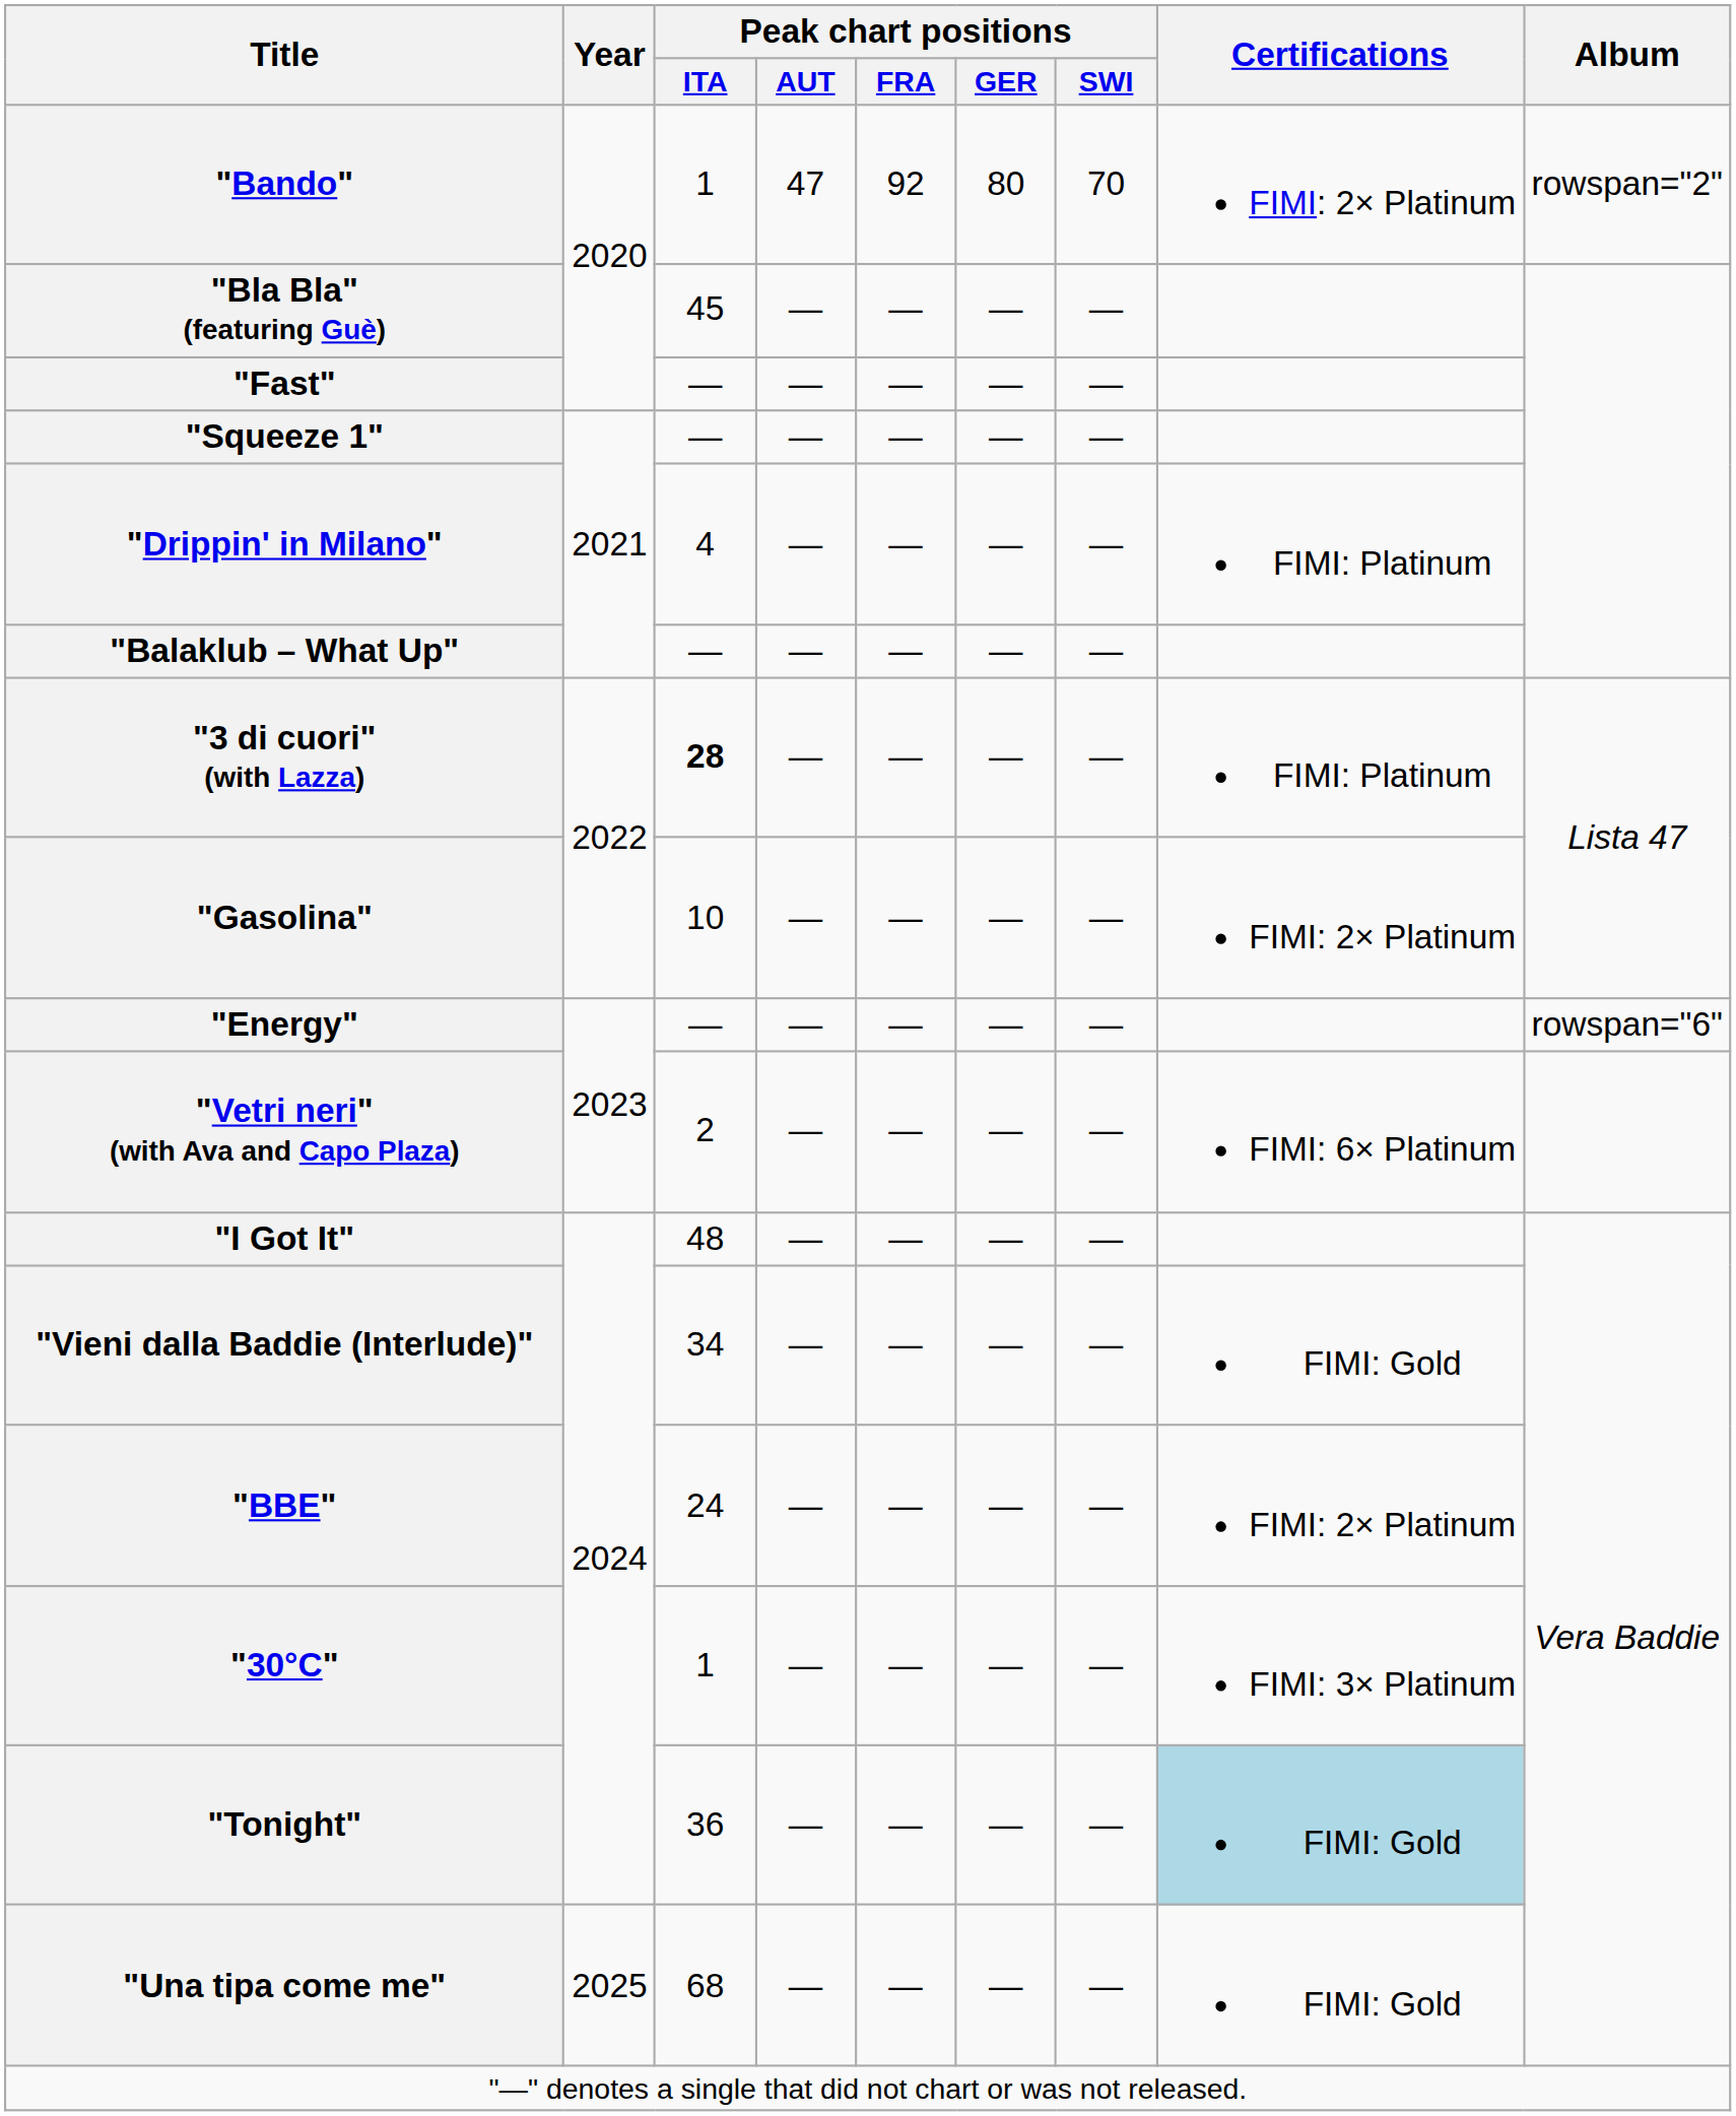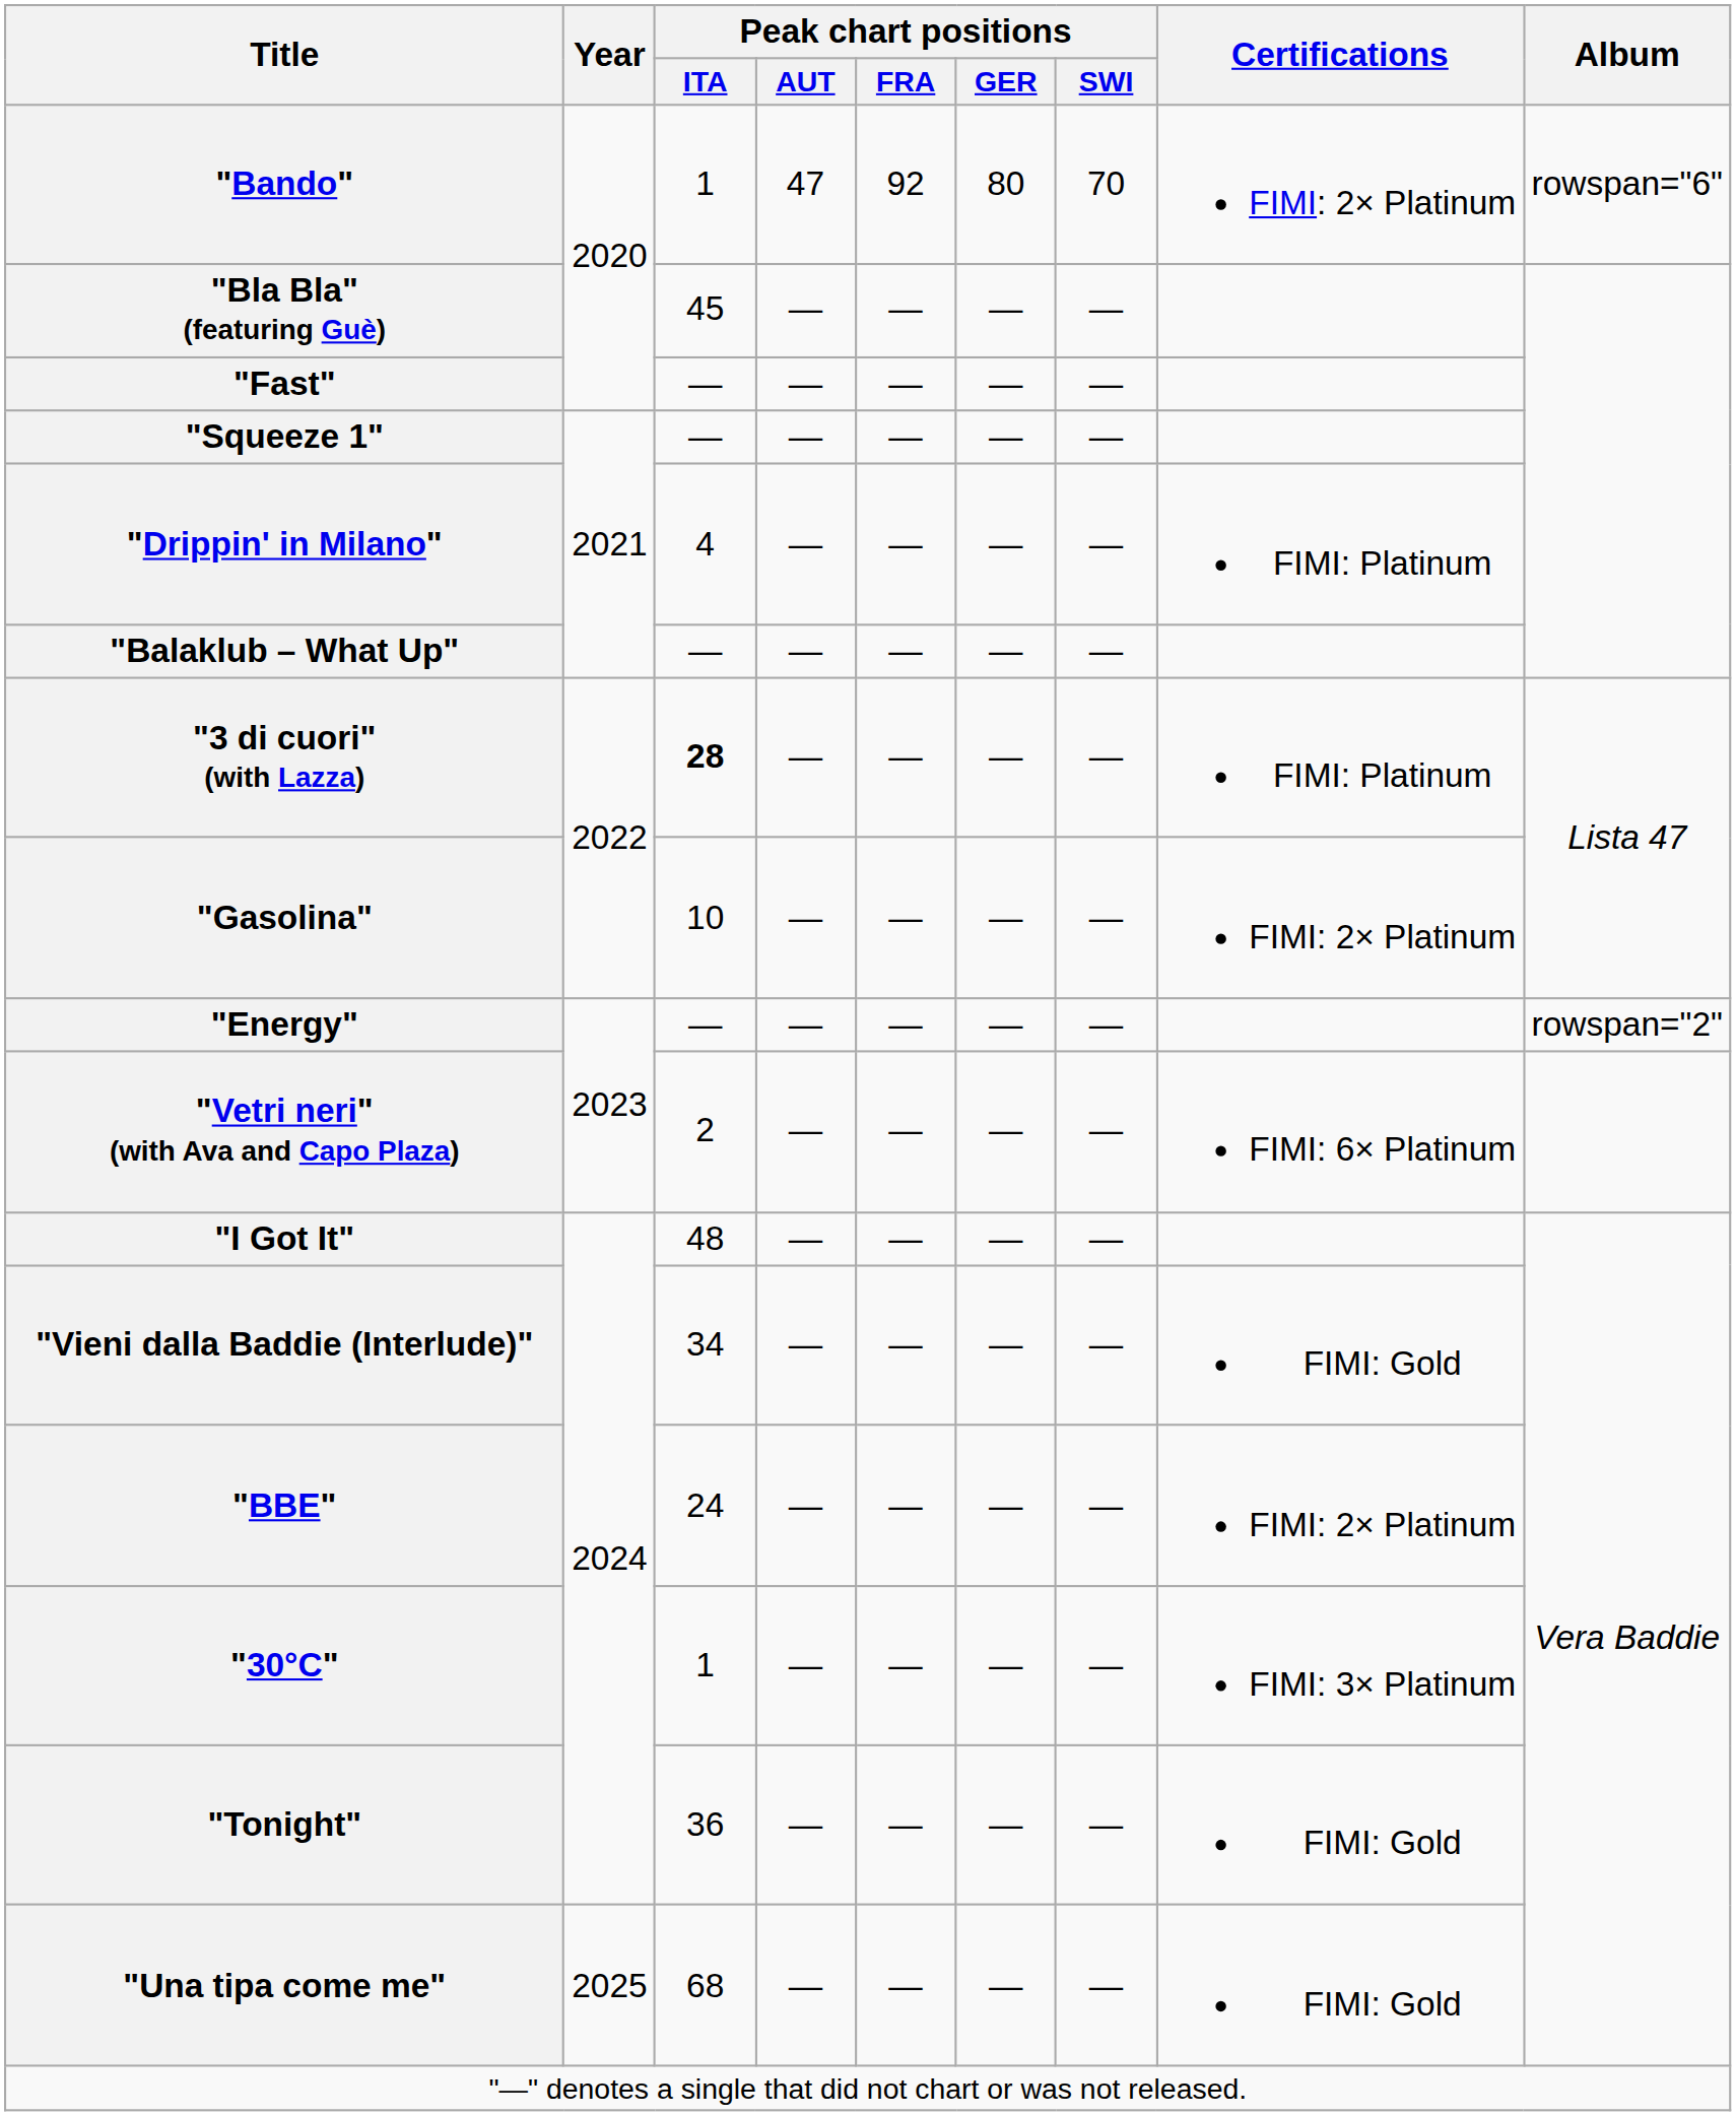 <table class="wikitable plainrowheaders" style="text-align:center;">
 <tr>
 <th scope="col" rowspan="2" style="width:16em;">Title</th>
 <th scope="col" rowspan="2" style="width:1em;">Year</th>
 <th scope="col" colspan="5">Peak chart positions</th>
 <th scope="col" rowspan="2"><a href='#'>Certifications</a></th>
 <th scope="col" rowspan="2">Album</th>
 </tr>
 <tr>
 <th scope="col" style="width:3em;font-size:85%;"><a href='#'>ITA</a><br></th>
 <th scope="col" style="width:3em;font-size:85%;"><a href='#'>AUT</a><br></th>
 <th scope="col" style="width:3em;font-size:85%;"><a href='#'>FRA</a><br></th>
 <th scope="col" style="width:3em;font-size:85%;"><a href='#'>GER</a><br></th>
 <th scope="col" style="width:3em;font-size:85%;"><a href='#'>SWI</a><br></th>
 </tr>
 <tr>
 <th scope="row">"<a href='#'>Bando</a>"</th>
 <td rowspan="3">2020</td>
 <td>1</td>
 <td>47</td>
 <td>92</td>
 <td>80</td>
 <td>70</td>
 <td><br><ul><li><a href='#'>FIMI</a>: 2× Platinum</li></ul></td>
-<td>rowspan="2" </td>
+<td>rowspan="6" </td>
 </tr>
 <tr>
 <th scope="row">"Bla Bla"<br><small>(featuring <a href='#'>Guè</a>)</small></th>
 <td>45</td>
 <td>—</td>
 <td>—</td>
 <td>—</td>
 <td>—</td>
 <td></td>
 </tr>
 <tr>
 <th scope="row">"Fast"</th>
 <td>—</td>
 <td>—</td>
 <td>—</td>
 <td>—</td>
 <td>—</td>
 <td></td>
 </tr>
 <tr>
 <th scope="row">"Squeeze 1"</th>
 <td rowspan="3">2021</td>
 <td>—</td>
 <td>—</td>
 <td>—</td>
 <td>—</td>
 <td>—</td>
 <td></td>
 </tr>
 <tr>
 <th scope="row">"<a href='#'>Drippin' in Milano</a>"</th>
 <td>4</td>
 <td>—</td>
 <td>—</td>
 <td>—</td>
 <td>—</td>
 <td><br><ul><li>FIMI: Platinum</li></ul></td>
 </tr>
 <tr>
 <th scope="row">"Balaklub – What Up"</th>
 <td>—</td>
 <td>—</td>
 <td>—</td>
 <td>—</td>
 <td>—</td>
 <td></td>
 </tr>
 <tr>
 <th scope="row">"3 di cuori"<br><small>(with <a href='#'>Lazza</a>)</small></th>
 <td rowspan="2">2022</td>
 <td><strong>28</strong></td>
 <td>—</td>
 <td>—</td>
 <td>—</td>
 <td>—</td>
 <td><br><ul><li>FIMI: Platinum</li></ul></td>
 <td rowspan="2"><em>Lista 47</em></td>
 </tr>
 <tr>
 <th scope="row">"Gasolina"</th>
 <td>10</td>
 <td>—</td>
 <td>—</td>
 <td>—</td>
 <td>—</td>
 <td><br><ul><li>FIMI: 2× Platinum</li></ul></td>
 </tr>
 <tr>
 <th scope="row">"Energy"</th>
 <td rowspan="2">2023</td>
 <td>—</td>
 <td>—</td>
 <td>—</td>
 <td>—</td>
 <td>—</td>
 <td></td>
-<td>rowspan="6" </td>
+<td>rowspan="2" </td>
 </tr>
 <tr>
 <th scope="row">"<a href='#'>Vetri neri</a>"<br><small>(with Ava and <a href='#'>Capo Plaza</a>)</small></th>
 <td>2</td>
 <td>—</td>
 <td>—</td>
 <td>—</td>
 <td>—</td>
 <td><br><ul><li>FIMI: 6× Platinum</li></ul></td>
 </tr>
 <tr>
 <th scope="row">"I Got It"</th>
 <td rowspan="5">2024</td>
 <td>48</td>
 <td>—</td>
 <td>—</td>
 <td>—</td>
 <td>—</td>
 <td></td>
 <td rowspan="6"><em>Vera Baddie</em></td>
 </tr>
 <tr>
 <th scope="row">"Vieni dalla Baddie (Interlude)"</th>
 <td>34</td>
 <td>—</td>
 <td>—</td>
 <td>—</td>
 <td>—</td>
 <td><br><ul><li>FIMI: Gold</li></ul></td>
 </tr>
 <tr>
 <th scope="row">"<a href='#'>BBE</a>"<br></th>
 <td>24</td>
 <td>—</td>
 <td>—</td>
 <td>—</td>
 <td>—</td>
 <td><br><ul><li>FIMI: 2× Platinum</li></ul></td>
 </tr>
 <tr>
 <th scope="row">"<a href='#'>30°C</a>"</th>
 <td>1</td>
 <td>—</td>
 <td>—</td>
 <td>—</td>
 <td>—</td>
 <td><br><ul><li>FIMI: 3× Platinum</li></ul></td>
 </tr>
 <tr>
 <th scope="row">"Tonight"</th>
 <td>36</td>
 <td>—</td>
 <td>—</td>
 <td>—</td>
 <td>—</td>
-<td style="background: lightblue;"><br><ul><li>FIMI: Gold</li></ul></td>
+<td><br><ul><li>FIMI: Gold</li></ul></td>
 </tr>
 <tr>
 <th scope="row">"Una tipa come me"</th>
 <td>2025</td>
 <td>68</td>
 <td>—</td>
 <td>—</td>
 <td>—</td>
 <td>—</td>
 <td><br><ul><li>FIMI: Gold</li></ul></td>
 </tr>
 <tr>
 <td colspan="10" style="font-size:85%;">"—" denotes a single that did not chart or was not released.</td>
 </tr>
 </table>
